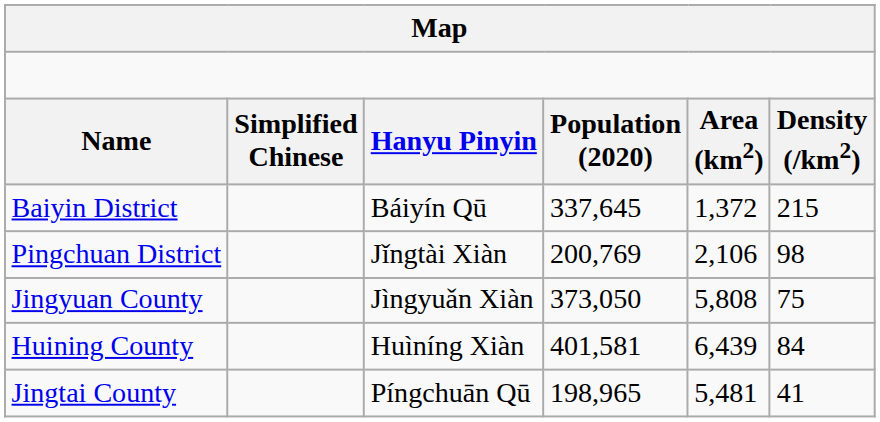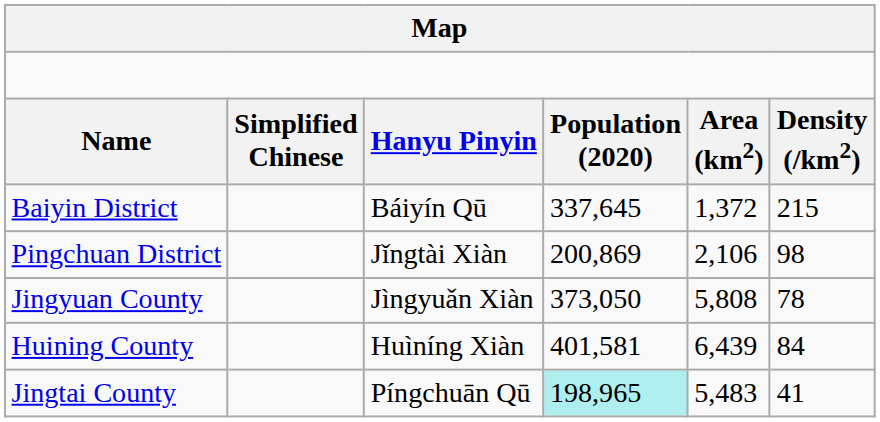 <table class="wikitable" style="font-size:90%;" align=center>
 <tr>
 <th colspan="7">Map</th>
 </tr>
 <tr>
 <td colspan="7"><div><br>         </div></td>
 </tr>
 <tr>
 <th>Name</th>
 <th>Simplified<br>Chinese</th>
 <th><a href='#'>Hanyu Pinyin</a></th>
 <th>Population<br>(2020)</th>
 <th>Area<br>(km<sup>2</sup>)</th>
 <th>Density<br>(/km<sup>2</sup>)</th>
 </tr>
 <tr --------->
 <td><a href='#'>Baiyin District</a></td>
 <td></td>
 <td>Báiyín Qū</td>
 <td>337,645</td>
 <td>1,372</td>
 <td>215</td>
 </tr>
 <tr --------->
 <td><a href='#'>Pingchuan District</a></td>
 <td></td>
 <td>Jǐngtài Xiàn</td>
-<td>200,769</td>
+<td>200,869</td>
 <td>2,106</td>
 <td>98</td>
 </tr>
 <tr -------->
 <td><a href='#'>Jingyuan County</a></td>
 <td></td>
 <td>Jìngyuǎn Xiàn</td>
 <td>373,050</td>
 <td>5,808</td>
-<td>75</td>
+<td>78</td>
 </tr>
 <tr --------->
 <td><a href='#'>Huining County</a></td>
 <td></td>
 <td>Huìníng Xiàn</td>
 <td>401,581</td>
 <td>6,439</td>
 <td>84</td>
 </tr>
 <tr --------->
 <td><a href='#'>Jingtai County</a></td>
 <td></td>
 <td>Píngchuān Qū</td>
-<td>198,965</td>
-<td>5,481</td>
+<td style="background: paleturquoise;">198,965</td>
+<td>5,483</td>
 <td>41</td>
 </tr>
 </table>
